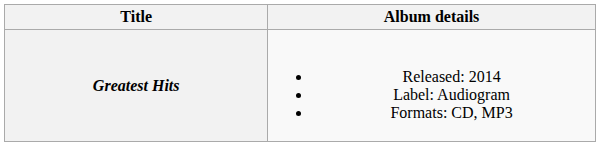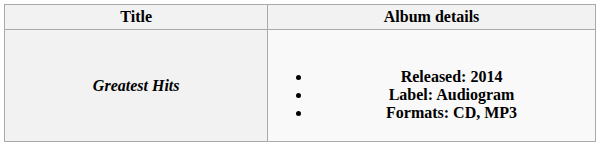 <table class="wikitable plainrowheaders" style="text-align:center;">
 <tr>
 <th scope="col" style="width:16em;">Title</th>
 <th scope="col" style="width:20em;">Album details</th>
 </tr>
 <tr>
 <th scope="row"><em>Greatest Hits</em></th>
-<td><br><ul><li>Released: 2014</li><li>Label: Audiogram</li><li>Formats: CD, MP3</li></ul></td>
+<td><strong><br><ul><li>Released: 2014</li><li>Label: Audiogram</li><li>Formats: CD, MP3</li></ul></strong></td>
 </tr>
 </table>
